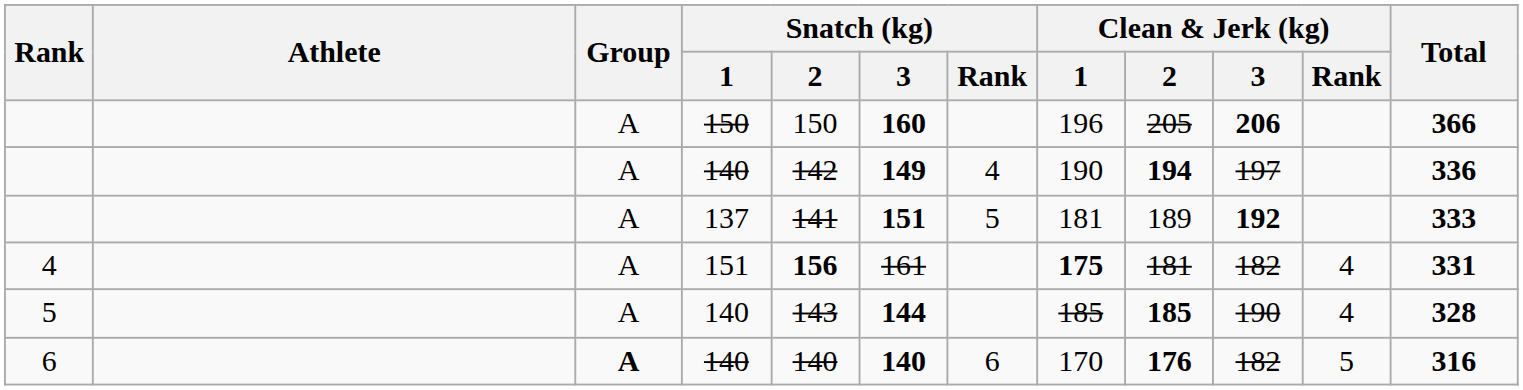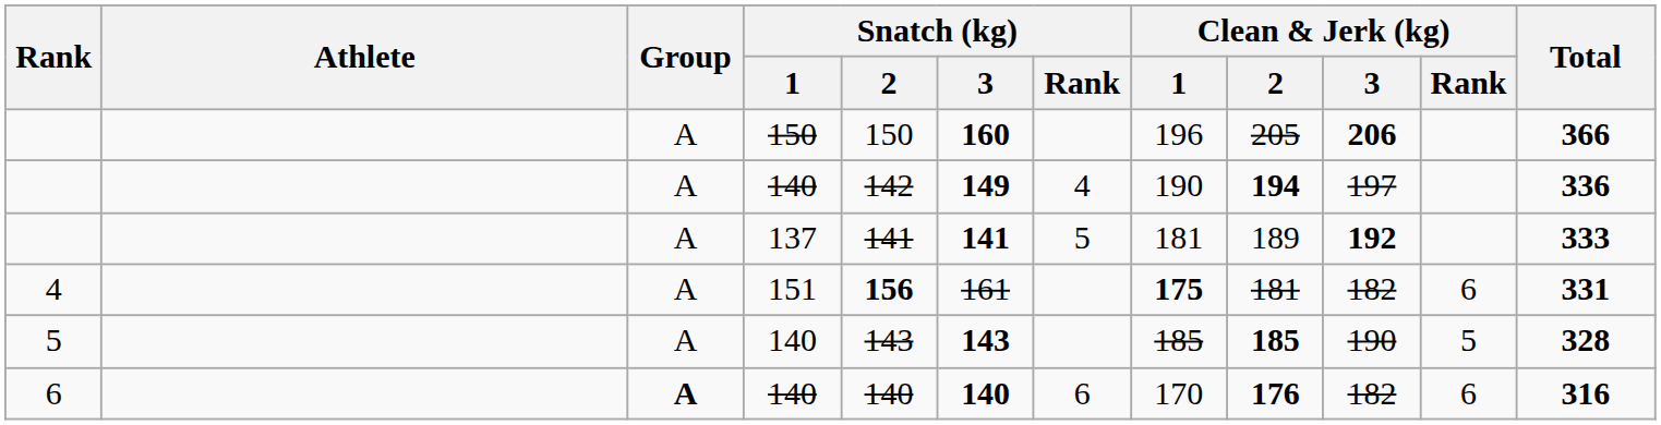 <table class = "wikitable" style="text-align:center;">
 <tr>
 <th rowspan=2 width=40>Rank</th>
 <th rowspan=2 width=250>Athlete</th>
 <th rowspan=2 width=50>Group</th>
 <th colspan=4>Snatch (kg)</th>
 <th colspan=4>Clean & Jerk (kg)</th>
 <th rowspan=2 width=60>Total</th>
 </tr>
 <tr>
 <th width=40>1</th>
 <th width=40>2</th>
 <th width=40>3</th>
 <th width=40>Rank</th>
 <th width=40>1</th>
 <th width=40>2</th>
 <th width=40>3</th>
 <th width=40>Rank</th>
 </tr>
 <tr>
 <td></td>
 <td align=left></td>
 <td>A</td>
 <td><s>150</s></td>
 <td>150</td>
 <td><strong>160</strong></td>
 <td></td>
 <td>196</td>
 <td><s>205</s></td>
 <td><strong>206</strong></td>
 <td></td>
 <td><strong>366</strong></td>
 </tr>
 <tr>
 <td></td>
 <td align=left></td>
 <td>A</td>
 <td><s>140</s></td>
 <td><s>142</s></td>
 <td><strong>149</strong></td>
 <td>4</td>
 <td>190</td>
 <td><strong>194</strong></td>
 <td><s>197</s></td>
 <td></td>
 <td><strong>336</strong></td>
 </tr>
 <tr>
 <td></td>
 <td align=left></td>
 <td>A</td>
 <td>137</td>
 <td><s>141</s></td>
-<td><strong>151</strong></td>
+<td><strong>141</strong></td>
 <td>5</td>
 <td>181</td>
 <td>189</td>
 <td><strong>192</strong></td>
 <td></td>
 <td><strong>333</strong></td>
 </tr>
 <tr>
 <td>4</td>
 <td align=left></td>
 <td>A</td>
 <td>151</td>
 <td><strong>156</strong></td>
 <td><s>161</s></td>
 <td></td>
 <td><strong>175</strong></td>
 <td><s>181</s></td>
 <td><s>182</s></td>
-<td>4</td>
+<td>6</td>
 <td><strong>331</strong></td>
 </tr>
 <tr>
 <td>5</td>
 <td align=left></td>
 <td>A</td>
 <td>140</td>
 <td><s>143</s></td>
-<td><strong>144</strong></td>
+<td><strong>143</strong></td>
 <td></td>
 <td><s>185</s></td>
 <td><strong>185</strong></td>
 <td><s>190</s></td>
-<td>4</td>
+<td>5</td>
 <td><strong>328</strong></td>
 </tr>
 <tr>
 <td>6</td>
 <td align=left></td>
 <td><strong>A</strong></td>
 <td><s>140</s></td>
 <td><s>140</s></td>
 <td><strong>140</strong></td>
 <td>6</td>
 <td>170</td>
 <td><strong>176</strong></td>
 <td><s>182</s></td>
-<td>5</td>
+<td>6</td>
 <td><strong>316</strong></td>
 </tr>
 </table>
